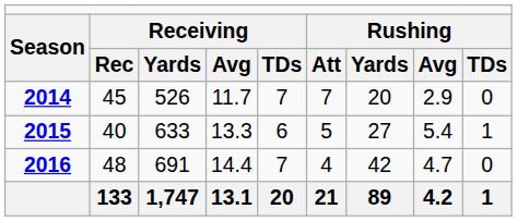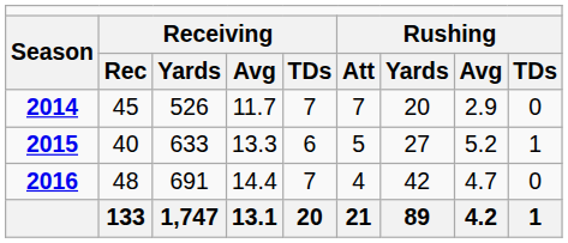 <table class=wikitable style="text-align:center;">
 <tr>
 <td ! colspan="21"></td>
 </tr>
 <tr>
 <th rowspan=2>Season</th>
 <th colspan=4>Receiving</th>
 <th colspan=4>Rushing</th>
 </tr>
 <tr>
 <th>Rec</th>
 <th>Yards</th>
 <th>Avg</th>
 <th>TDs</th>
 <th>Att</th>
 <th>Yards</th>
 <th>Avg</th>
 <th>TDs</th>
 </tr>
 <tr>
 <td><strong><a href='#'>2014</a></strong></td>
 <td>45</td>
 <td>526</td>
 <td>11.7</td>
 <td>7</td>
 <td>7</td>
 <td>20</td>
 <td>2.9</td>
 <td>0</td>
 </tr>
 <tr>
 <td><strong><a href='#'>2015</a></strong></td>
 <td>40</td>
 <td>633</td>
 <td>13.3</td>
 <td>6</td>
 <td>5</td>
 <td>27</td>
-<td>5.4</td>
+<td>5.2</td>
 <td>1</td>
 </tr>
 <tr>
 <td><strong><a href='#'>2016</a></strong></td>
 <td>48</td>
 <td>691</td>
 <td>14.4</td>
 <td>7</td>
 <td>4</td>
 <td>42</td>
 <td>4.7</td>
 <td>0</td>
 </tr>
 <tr>
 <th colspan=1></th>
 <th>133</th>
 <th>1,747</th>
 <th>13.1</th>
 <th>20</th>
 <th>21</th>
 <th>89</th>
 <th>4.2</th>
 <th>1</th>
 </tr>
 </table>
